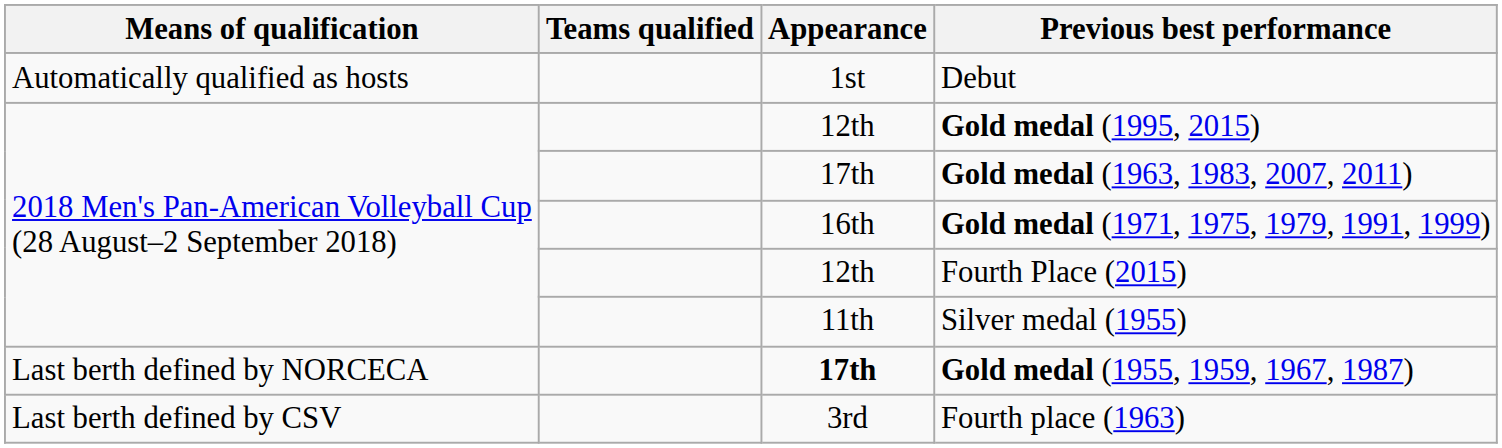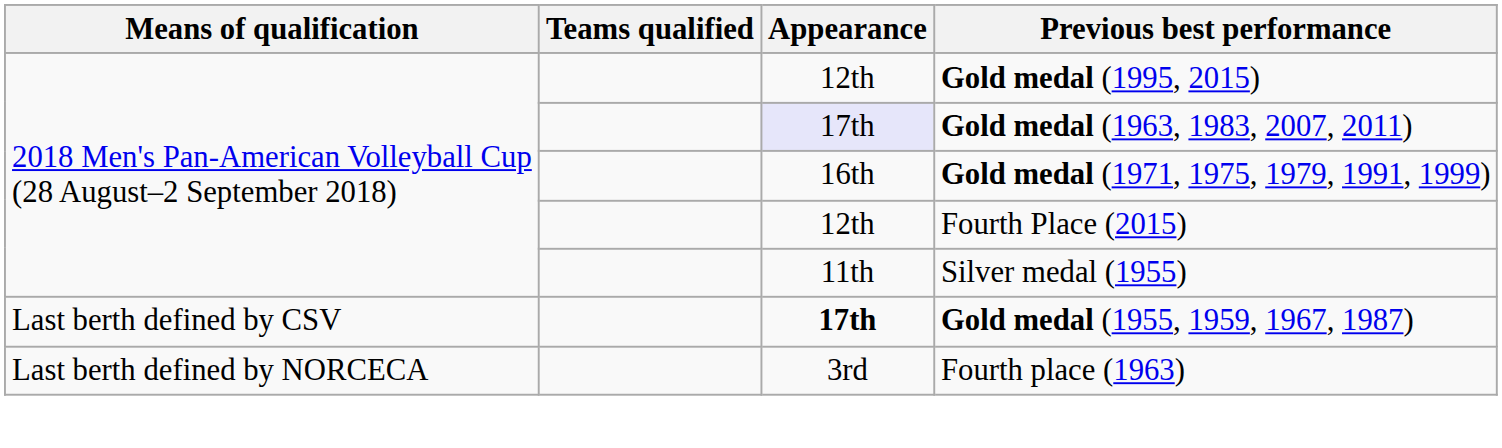 <table class="wikitable">
 <tr>
 <th>Means of qualification</th>
 <th>Teams qualified</th>
 <th>Appearance</th>
 <th>Previous best performance</th>
-</tr>
-<tr>
-<td>Automatically qualified as hosts</td>
-<td></td>
-<td align=center>1st</td>
-<td>Debut</td>
 </tr>
 <tr>
 <td rowspan=5><a href='#'>2018 Men's Pan-American Volleyball Cup</a><br>(28 August–2 September 2018)</td>
 <td></td>
 <td align=center>12th</td>
 <td><strong>Gold medal</strong> (<a href='#'>1995</a>, <a href='#'>2015</a>)</td>
 </tr>
 <tr>
 <td></td>
-<td align=center>17th</td>
+<td align=center style="background: lavender;">17th</td>
 <td><strong>Gold medal</strong> (<a href='#'>1963</a>, <a href='#'>1983</a>, <a href='#'>2007</a>, <a href='#'>2011</a>)</td>
 </tr>
 <tr>
 <td></td>
 <td align=center>16th</td>
 <td><strong>Gold medal</strong> (<a href='#'>1971</a>, <a href='#'>1975</a>, <a href='#'>1979</a>, <a href='#'>1991</a>, <a href='#'>1999</a>)</td>
 </tr>
 <tr>
 <td></td>
 <td align=center>12th</td>
 <td>Fourth Place (<a href='#'>2015</a>)</td>
 </tr>
 <tr>
 <td></td>
 <td align=center>11th</td>
 <td>Silver medal (<a href='#'>1955</a>)</td>
 </tr>
 <tr>
-<td>Last berth defined by NORCECA</td>
+<td>Last berth defined by CSV</td>
 <td></td>
 <td align=center><strong>17th</strong></td>
 <td><strong>Gold medal</strong> (<a href='#'>1955</a>, <a href='#'>1959</a>, <a href='#'>1967</a>, <a href='#'>1987</a>)</td>
 </tr>
 <tr>
-<td>Last berth defined by CSV</td>
+<td>Last berth defined by NORCECA</td>
 <td></td>
 <td align=center>3rd</td>
 <td>Fourth place (<a href='#'>1963</a>)</td>
 </tr>
 </table>
